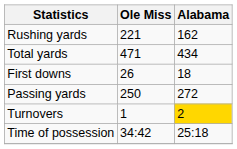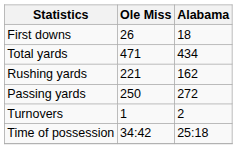 <table class="wikitable" style="float: left;">
 <tr>
 <th>Statistics</th>
 <th style=>Ole Miss</th>
 <th>Alabama</th>
 </tr>
 <tr>
-<td>Rushing yards</td>
-<td>221</td>
-<td>162</td>
+<td>First downs</td>
+<td>26</td>
+<td>18</td>
 </tr>
 <tr>
 <td>Total yards</td>
 <td>471</td>
 <td>434</td>
 </tr>
 <tr>
-<td>First downs</td>
-<td>26</td>
-<td>18</td>
+<td>Rushing yards</td>
+<td>221</td>
+<td>162</td>
 </tr>
 <tr>
 <td>Passing yards</td>
 <td>250</td>
 <td>272</td>
 </tr>
 <tr>
 <td>Turnovers</td>
 <td>1</td>
-<td style="background: gold;">2</td>
+<td>2</td>
 </tr>
 <tr>
 <td>Time of possession</td>
 <td>34:42</td>
 <td>25:18</td>
 </tr>
 <tr>
 </tr>
 </table>
